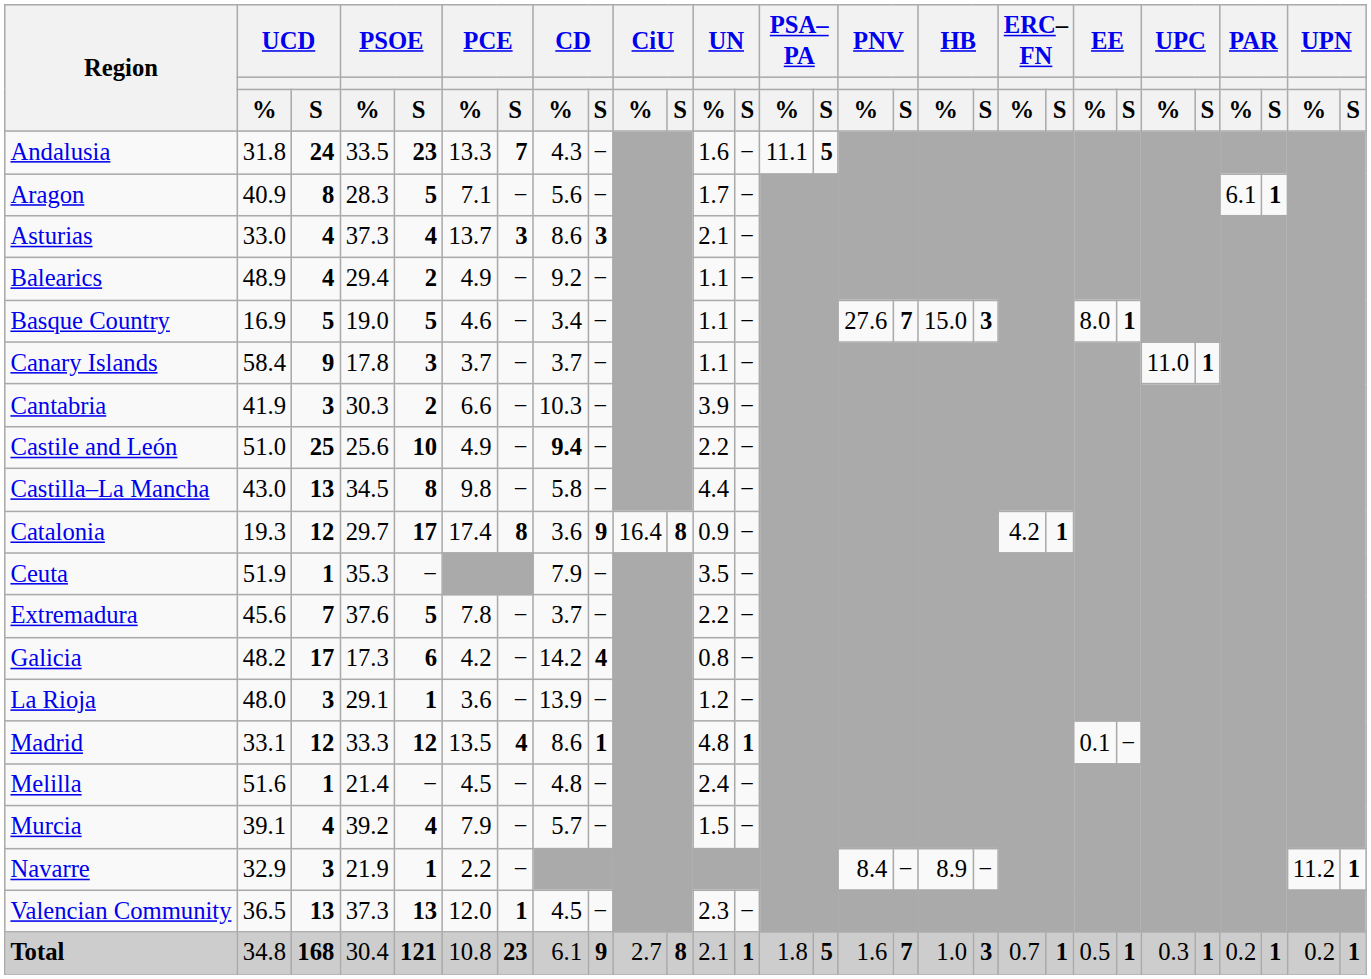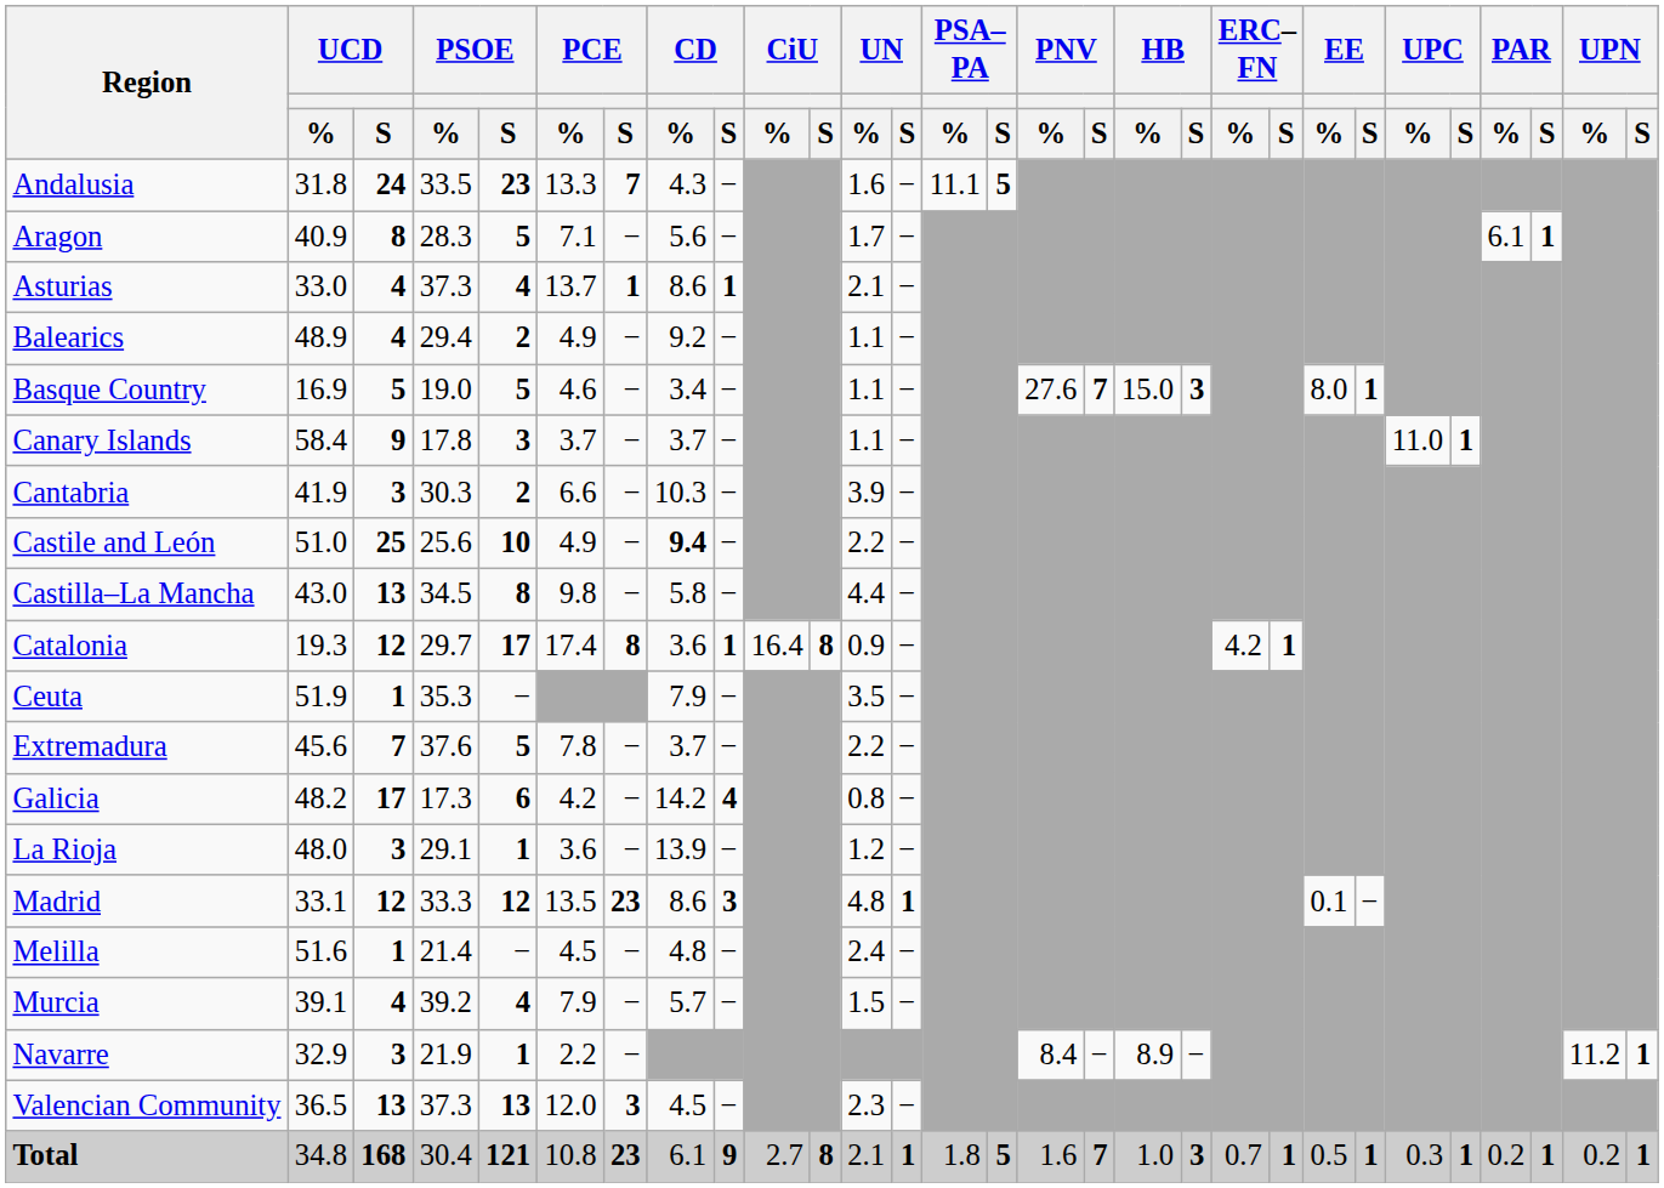 <table class="wikitable sortable" style="text-align:right; line-height:20px;">
 <tr>
 <th rowspan="3">Region</th>
 <th colspan="2" width="30px" class="unsortable"><a href='#'>UCD</a></th>
 <th colspan="2" width="30px" class="unsortable"><a href='#'>PSOE</a></th>
 <th colspan="2" width="30px" class="unsortable"><a href='#'>PCE</a></th>
 <th colspan="2" width="30px" class="unsortable"><a href='#'>CD</a></th>
 <th colspan="2" width="30px" class="unsortable"><a href='#'>CiU</a></th>
 <th colspan="2" width="30px" class="unsortable"><a href='#'>UN</a></th>
 <th colspan="2" width="30px" class="unsortable"><a href='#'>PSA–PA</a></th>
 <th colspan="2" width="30px" class="unsortable"><a href='#'>PNV</a></th>
 <th colspan="2" width="30px" class="unsortable"><a href='#'>HB</a></th>
 <th colspan="2" width="30px" class="unsortable"><a href='#'>ERC</a>–<a href='#'>FN</a></th>
 <th colspan="2" width="30px" class="unsortable"><a href='#'>EE</a></th>
 <th colspan="2" width="30px" class="unsortable"><a href='#'>UPC</a></th>
 <th colspan="2" width="30px" class="unsortable"><a href='#'>PAR</a></th>
 <th colspan="2" width="30px" class="unsortable"><a href='#'>UPN</a></th>
 </tr>
 <tr>
 <th colspan="2" style="background:"></th>
 <th colspan="2" style="background:"></th>
 <th colspan="2" style="background:"></th>
 <th colspan="2" style="background:"></th>
 <th colspan="2" style="background:"></th>
 <th colspan="2" style="background:"></th>
 <th colspan="2" style="background:"></th>
 <th colspan="2" style="background:"></th>
 <th colspan="2" style="background:"></th>
 <th colspan="2" style="background:"></th>
 <th colspan="2" style="background:"></th>
 <th colspan="2" style="background:"></th>
 <th colspan="2" style="background:"></th>
 <th colspan="2" style="background:"></th>
 </tr>
 <tr>
 <th data-sort-type="number">%</th>
 <th data-sort-type="number">S</th>
 <th data-sort-type="number">%</th>
 <th data-sort-type="number">S</th>
 <th data-sort-type="number">%</th>
 <th data-sort-type="number">S</th>
 <th data-sort-type="number">%</th>
 <th data-sort-type="number">S</th>
 <th data-sort-type="number">%</th>
 <th data-sort-type="number">S</th>
 <th data-sort-type="number">%</th>
 <th data-sort-type="number">S</th>
 <th data-sort-type="number">%</th>
 <th data-sort-type="number">S</th>
 <th data-sort-type="number">%</th>
 <th data-sort-type="number">S</th>
 <th data-sort-type="number">%</th>
 <th data-sort-type="number">S</th>
 <th data-sort-type="number">%</th>
 <th data-sort-type="number">S</th>
 <th data-sort-type="number">%</th>
 <th data-sort-type="number">S</th>
 <th data-sort-type="number">%</th>
 <th data-sort-type="number">S</th>
 <th data-sort-type="number">%</th>
 <th data-sort-type="number">S</th>
 <th data-sort-type="number">%</th>
 <th data-sort-type="number">S</th>
 </tr>
 <tr>
 <td align="left"><a href='#'>Andalusia</a></td>
 <td>31.8</td>
 <td><strong>24</strong></td>
 <td style="background:">33.5</td>
 <td><strong>23</strong></td>
 <td>13.3</td>
 <td><strong>7</strong></td>
 <td>4.3</td>
 <td>−</td>
 <td colspan="2" rowspan="9" bgcolor="#AAAAAA"></td>
 <td>1.6</td>
 <td>−</td>
 <td>11.1</td>
 <td><strong>5</strong></td>
 <td colspan="2" rowspan="4" bgcolor="#AAAAAA"></td>
 <td colspan="2" rowspan="4" bgcolor="#AAAAAA"></td>
 <td colspan="2" rowspan="9" bgcolor="#AAAAAA"></td>
 <td colspan="2" rowspan="4" bgcolor="#AAAAAA"></td>
 <td colspan="2" rowspan="5" bgcolor="#AAAAAA"></td>
 <td colspan="2" bgcolor="#AAAAAA"></td>
 <td colspan="2" rowspan="17" bgcolor="#AAAAAA"></td>
 </tr>
 <tr>
 <td align="left"><a href='#'>Aragon</a></td>
 <td style="background:">40.9</td>
 <td><strong>8</strong></td>
 <td>28.3</td>
 <td><strong>5</strong></td>
 <td>7.1</td>
 <td>−</td>
 <td>5.6</td>
 <td>−</td>
 <td>1.7</td>
 <td>−</td>
 <td colspan="2" rowspan="18" bgcolor="#AAAAAA"></td>
 <td>6.1</td>
 <td><strong>1</strong></td>
 </tr>
 <tr>
 <td align="left"><a href='#'>Asturias</a></td>
 <td>33.0</td>
 <td><strong>4</strong></td>
 <td style="background:">37.3</td>
 <td><strong>4</strong></td>
 <td>13.7</td>
-<td><strong>3</strong></td>
+<td><strong>1</strong></td>
 <td>8.6</td>
-<td><strong>3</strong></td>
+<td><strong>1</strong></td>
 <td>2.1</td>
 <td>−</td>
 <td colspan="2" rowspan="17" bgcolor="#AAAAAA"></td>
 </tr>
 <tr>
 <td align="left"><a href='#'>Balearics</a></td>
 <td style="background:">48.9</td>
 <td><strong>4</strong></td>
 <td>29.4</td>
 <td><strong>2</strong></td>
 <td>4.9</td>
 <td>−</td>
 <td>9.2</td>
 <td>−</td>
 <td>1.1</td>
 <td>−</td>
 </tr>
 <tr>
 <td align="left"><a href='#'>Basque Country</a></td>
 <td>16.9</td>
 <td><strong>5</strong></td>
 <td>19.0</td>
 <td><strong>5</strong></td>
 <td>4.6</td>
 <td>−</td>
 <td>3.4</td>
 <td>−</td>
 <td>1.1</td>
 <td>−</td>
 <td style="background:">27.6</td>
 <td><strong>7</strong></td>
 <td>15.0</td>
 <td><strong>3</strong></td>
 <td>8.0</td>
 <td><strong>1</strong></td>
 </tr>
 <tr>
 <td align="left"><a href='#'>Canary Islands</a></td>
 <td style="background:">58.4</td>
 <td><strong>9</strong></td>
 <td>17.8</td>
 <td><strong>3</strong></td>
 <td>3.7</td>
 <td>−</td>
 <td>3.7</td>
 <td>−</td>
 <td>1.1</td>
 <td>−</td>
 <td colspan="2" rowspan="12" bgcolor="#AAAAAA"></td>
 <td colspan="2" rowspan="12" bgcolor="#AAAAAA"></td>
 <td colspan="2" rowspan="9" bgcolor="#AAAAAA"></td>
 <td>11.0</td>
 <td><strong>1</strong></td>
 </tr>
 <tr>
 <td align="left"><a href='#'>Cantabria</a></td>
 <td style="background:">41.9</td>
 <td><strong>3</strong></td>
 <td>30.3</td>
 <td><strong>2</strong></td>
 <td>6.6</td>
 <td>−</td>
 <td>10.3</td>
 <td>−</td>
 <td>3.9</td>
 <td>−</td>
 <td colspan="2" rowspan="13" bgcolor="#AAAAAA"></td>
 </tr>
 <tr>
 <td align="left"><a href='#'>Castile and León</a></td>
 <td style="background:">51.0</td>
 <td><strong>25</strong></td>
 <td>25.6</td>
 <td><strong>10</strong></td>
 <td>4.9</td>
 <td>−</td>
 <td><strong>9.4</strong></td>
 <td>−</td>
 <td>2.2</td>
 <td>−</td>
 </tr>
 <tr>
 <td align="left"><a href='#'>Castilla–La Mancha</a></td>
 <td style="background:">43.0</td>
 <td><strong>13</strong></td>
 <td>34.5</td>
 <td><strong>8</strong></td>
 <td>9.8</td>
 <td>−</td>
 <td>5.8</td>
 <td>−</td>
 <td>4.4</td>
 <td>−</td>
 </tr>
 <tr>
 <td align="left"><a href='#'>Catalonia</a></td>
 <td>19.3</td>
 <td><strong>12</strong></td>
 <td style="background:">29.7</td>
 <td><strong>17</strong></td>
 <td>17.4</td>
 <td><strong>8</strong></td>
 <td>3.6</td>
-<td><strong>9</strong></td>
+<td><strong>1</strong></td>
 <td>16.4</td>
 <td><strong>8</strong></td>
 <td>0.9</td>
 <td>−</td>
 <td>4.2</td>
 <td><strong>1</strong></td>
 </tr>
 <tr>
 <td align="left"><a href='#'>Ceuta</a></td>
 <td style="background:">51.9</td>
 <td><strong>1</strong></td>
 <td>35.3</td>
 <td>−</td>
 <td colspan="2" bgcolor="#AAAAAA"></td>
 <td>7.9</td>
 <td>−</td>
 <td colspan="2" rowspan="9" bgcolor="#AAAAAA"></td>
 <td>3.5</td>
 <td>−</td>
 <td colspan="2" rowspan="9" bgcolor="#AAAAAA"></td>
 </tr>
 <tr>
 <td align="left"><a href='#'>Extremadura</a></td>
 <td style="background:">45.6</td>
 <td><strong>7</strong></td>
 <td>37.6</td>
 <td><strong>5</strong></td>
 <td>7.8</td>
 <td>−</td>
 <td>3.7</td>
 <td>−</td>
 <td>2.2</td>
 <td>−</td>
 </tr>
 <tr>
 <td align="left"><a href='#'>Galicia</a></td>
 <td style="background:">48.2</td>
 <td><strong>17</strong></td>
 <td>17.3</td>
 <td><strong>6</strong></td>
 <td>4.2</td>
 <td>−</td>
 <td>14.2</td>
 <td><strong>4</strong></td>
 <td>0.8</td>
 <td>−</td>
 </tr>
 <tr>
 <td align="left"><a href='#'>La Rioja</a></td>
 <td style="background:">48.0</td>
 <td><strong>3</strong></td>
 <td>29.1</td>
 <td><strong>1</strong></td>
 <td>3.6</td>
 <td>−</td>
 <td>13.9</td>
 <td>−</td>
 <td>1.2</td>
 <td>−</td>
 </tr>
 <tr>
 <td align="left"><a href='#'>Madrid</a></td>
 <td>33.1</td>
 <td><strong>12</strong></td>
 <td style="background:">33.3</td>
 <td><strong>12</strong></td>
 <td>13.5</td>
-<td><strong>4</strong></td>
+<td><strong>23</strong></td>
 <td>8.6</td>
-<td><strong>1</strong></td>
+<td><strong>3</strong></td>
 <td>4.8</td>
 <td><strong>1</strong></td>
 <td>0.1</td>
 <td>−</td>
 </tr>
 <tr>
 <td align="left"><a href='#'>Melilla</a></td>
 <td style="background:">51.6</td>
 <td><strong>1</strong></td>
 <td>21.4</td>
 <td>−</td>
 <td>4.5</td>
 <td>−</td>
 <td>4.8</td>
 <td>−</td>
 <td>2.4</td>
 <td>−</td>
 <td colspan="2" rowspan="4" bgcolor="#AAAAAA"></td>
 </tr>
 <tr>
 <td align="left"><a href='#'>Murcia</a></td>
 <td>39.1</td>
 <td><strong>4</strong></td>
 <td style="background:">39.2</td>
 <td><strong>4</strong></td>
 <td>7.9</td>
 <td>−</td>
 <td>5.7</td>
 <td>−</td>
 <td>1.5</td>
 <td>−</td>
 </tr>
 <tr>
 <td align="left"><a href='#'>Navarre</a></td>
 <td style="background:">32.9</td>
 <td><strong>3</strong></td>
 <td>21.9</td>
 <td><strong>1</strong></td>
 <td>2.2</td>
 <td>−</td>
 <td colspan="2" bgcolor="#AAAAAA"></td>
 <td colspan="2" bgcolor="#AAAAAA"></td>
 <td>8.4</td>
 <td>−</td>
 <td>8.9</td>
 <td>−</td>
 <td>11.2</td>
 <td><strong>1</strong></td>
 </tr>
 <tr>
 <td align="left"><a href='#'>Valencian Community</a></td>
 <td>36.5</td>
 <td><strong>13</strong></td>
 <td style="background:">37.3</td>
 <td><strong>13</strong></td>
 <td>12.0</td>
-<td><strong>1</strong></td>
+<td><strong>3</strong></td>
 <td>4.5</td>
 <td>−</td>
 <td>2.3</td>
 <td>−</td>
 <td colspan="2" bgcolor="#AAAAAA"></td>
 <td colspan="2" bgcolor="#AAAAAA"></td>
 <td colspan="2" bgcolor="#AAAAAA"></td>
 </tr>
 <tr style="background:#CDCDCD;">
 <td align="left"><strong>Total</strong></td>
 <td style="background:">34.8</td>
 <td><strong>168</strong></td>
 <td>30.4</td>
 <td><strong>121</strong></td>
 <td>10.8</td>
 <td><strong>23</strong></td>
 <td>6.1</td>
 <td><strong>9</strong></td>
 <td>2.7</td>
 <td><strong>8</strong></td>
 <td>2.1</td>
 <td><strong>1</strong></td>
 <td>1.8</td>
 <td><strong>5</strong></td>
 <td>1.6</td>
 <td><strong>7</strong></td>
 <td>1.0</td>
 <td><strong>3</strong></td>
 <td>0.7</td>
 <td><strong>1</strong></td>
 <td>0.5</td>
 <td><strong>1</strong></td>
 <td>0.3</td>
 <td><strong>1</strong></td>
 <td>0.2</td>
 <td><strong>1</strong></td>
 <td>0.2</td>
 <td><strong>1</strong></td>
 </tr>
 </table>
